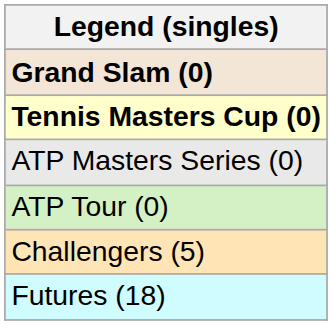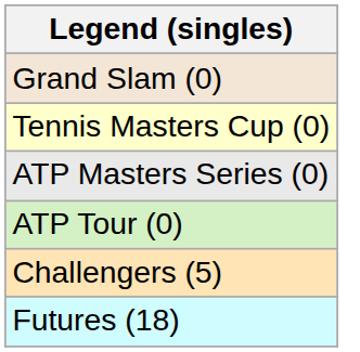 <table class="wikitable">
 <tr>
 <th>Legend (singles)</th>
 </tr>
 <tr bgcolor="#f3e6d7">
-<td><strong>Grand Slam (0)</strong></td>
+<td>Grand Slam (0)</td>
 </tr>
 <tr bgcolor="ffffcc">
-<td><strong>Tennis Masters Cup (0)</strong></td>
+<td>Tennis Masters Cup (0)</td>
 </tr>
 <tr bgcolor="#e9e9e9">
 <td>ATP Masters Series (0)</td>
 </tr>
 <tr bgcolor="#d4f1c5">
 <td>ATP Tour (0)</td>
 </tr>
 <tr bgcolor="moccasin">
 <td>Challengers (5)</td>
 </tr>
 <tr bgcolor="CFFCFF">
 <td>Futures (18)</td>
 </tr>
 </table>
